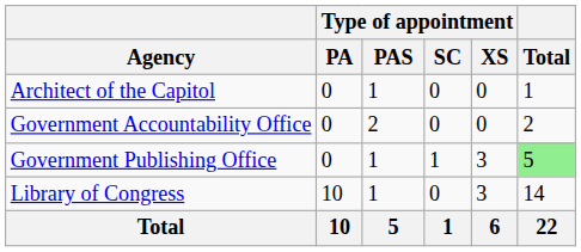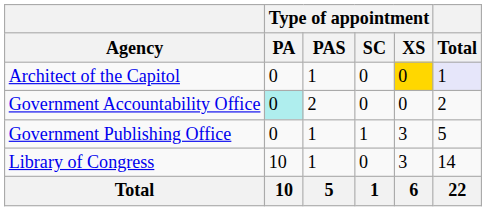 <table class="wikitable sortable">
 <tr>
 <th></th>
 <th colspan="4">Type of appointment</th>
 <th></th>
 </tr>
 <tr>
 <th>Agency</th>
 <th>PA</th>
 <th>PAS</th>
 <th>SC</th>
 <th>XS</th>
 <th>Total</th>
 </tr>
 <tr>
 <td><a href='#'>Architect of the Capitol</a></td>
 <td>0</td>
 <td>1</td>
 <td>0</td>
-<td>0</td>
-<td>1</td>
+<td style="background: gold;">0</td>
+<td style="background: lavender;">1</td>
 </tr>
 <tr>
 <td><a href='#'>Government Accountability Office</a></td>
-<td>0</td>
+<td style="background: paleturquoise;">0</td>
 <td>2</td>
 <td>0</td>
 <td>0</td>
 <td>2</td>
 </tr>
 <tr>
 <td><a href='#'>Government Publishing Office</a></td>
 <td>0</td>
 <td>1</td>
 <td>1</td>
 <td>3</td>
-<td style="background: lightgreen;">5</td>
+<td>5</td>
 </tr>
 <tr>
 <td><a href='#'>Library of Congress</a></td>
 <td>10</td>
 <td>1</td>
 <td>0</td>
 <td>3</td>
 <td>14</td>
 </tr>
 <tr>
 <th>Total</th>
 <th>10</th>
 <th>5</th>
 <th>1</th>
 <th>6</th>
 <th>22</th>
 </tr>
 </table>
